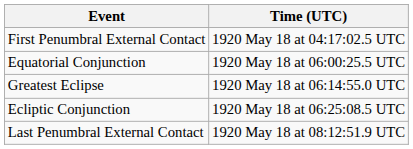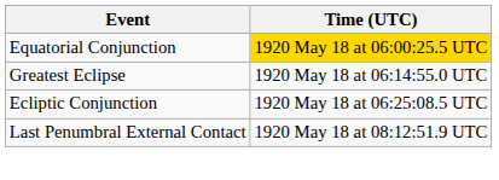 <table class="wikitable">
 <tr>
 <th>Event</th>
 <th>Time (UTC)</th>
 </tr>
 <tr>
-<td>First Penumbral External Contact</td>
-<td>1920 May 18 at 04:17:02.5 UTC</td>
-</tr>
-<tr>
 <td>Equatorial Conjunction</td>
-<td>1920 May 18 at 06:00:25.5 UTC</td>
+<td style="background: gold;">1920 May 18 at 06:00:25.5 UTC</td>
 </tr>
 <tr>
 <td>Greatest Eclipse</td>
 <td>1920 May 18 at 06:14:55.0 UTC</td>
 </tr>
 <tr>
 <td>Ecliptic Conjunction</td>
 <td>1920 May 18 at 06:25:08.5 UTC</td>
 </tr>
 <tr>
 <td>Last Penumbral External Contact</td>
 <td>1920 May 18 at 08:12:51.9 UTC</td>
 </tr>
 </table>
